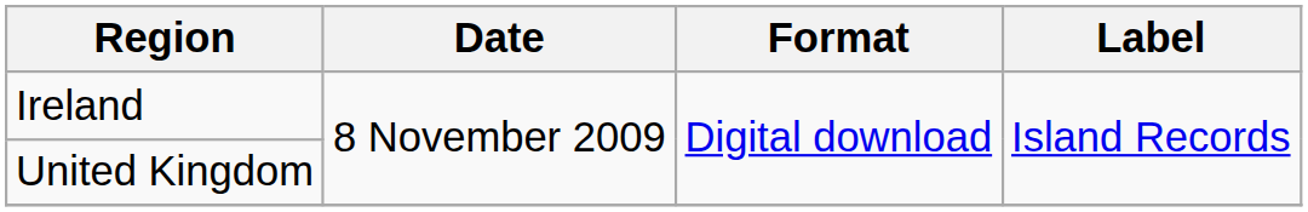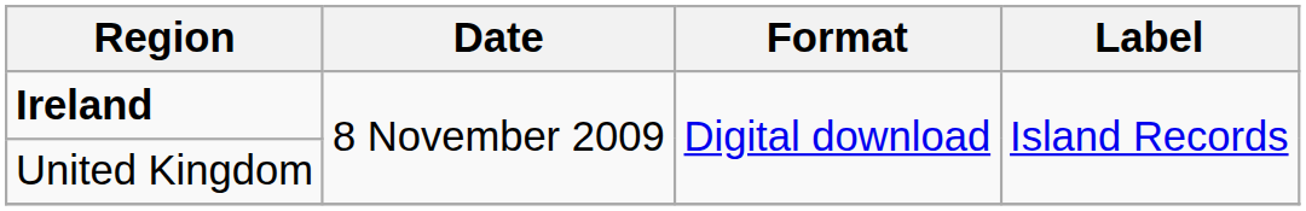 <table class=wikitable>
 <tr>
 <th>Region</th>
 <th>Date</th>
 <th>Format</th>
 <th>Label</th>
 </tr>
 <tr>
-<td>Ireland</td>
+<td><strong>Ireland</strong></td>
 <td rowspan=2>8 November 2009</td>
 <td rowspan=2><a href='#'>Digital download</a></td>
 <td rowspan=2><a href='#'>Island Records</a></td>
 </tr>
 <tr>
 <td>United Kingdom</td>
 </tr>
 <tr>
 </tr>
 </table>
